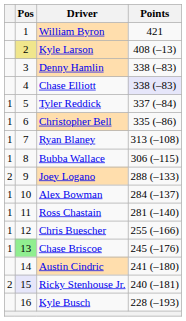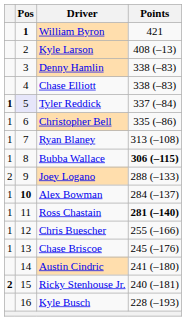 <table class="wikitable" style="font-size: 95%;">
 <tr>
 <th></th>
 <th>Pos</th>
 <th>Driver</th>
 <th>Points</th>
 </tr>
 <tr>
 <td align="left"></td>
-<td style="text-align:center;">1</td>
+<td style="text-align:center;"><strong>1</strong></td>
 <td style="background:#FFDEAD;"><a href='#'>William Byron</a></td>
 <td style="text-align:center;">421</td>
 </tr>
 <tr>
 <td align="left"></td>
-<td style="background: khaki; text-align:center;">2</td>
+<td style="text-align:center;">2</td>
 <td style="background:#FFDEAD;"><a href='#'>Kyle Larson</a></td>
 <td style="text-align:center;">408 (–13)</td>
 </tr>
 <tr>
 <td align="left"></td>
 <td style="text-align:center;">3</td>
 <td style="background:#FFDEAD;"><a href='#'>Denny Hamlin</a></td>
 <td style="text-align:center;">338 (–83)</td>
 </tr>
 <tr>
 <td align="left"></td>
 <td style="text-align:center;">4</td>
 <td><a href='#'>Chase Elliott</a></td>
-<td style="background: lavender; text-align:center;">338 (–83)</td>
+<td style="text-align:center;">338 (–83)</td>
 </tr>
 <tr>
-<td align="left"> 1</td>
-<td style="text-align:center;">5</td>
+<td align="left"><strong> 1</strong></td>
+<td style="background: lavender; text-align:center;">5</td>
 <td><a href='#'>Tyler Reddick</a></td>
 <td style="text-align:center;">337 (–84)</td>
 </tr>
 <tr>
 <td align="left"> 1</td>
 <td style="text-align:center;">6</td>
 <td style="background:#FFDEAD;"><a href='#'>Christopher Bell</a></td>
 <td style="text-align:center;">335 (–86)</td>
 </tr>
 <tr>
 <td align="left"> 1</td>
 <td style="text-align:center;">7</td>
 <td><a href='#'>Ryan Blaney</a></td>
 <td style="text-align:center;">313 (–108)</td>
 </tr>
 <tr>
 <td align="left"> 1</td>
 <td style="text-align:center;">8</td>
 <td><a href='#'>Bubba Wallace</a></td>
-<td style="text-align:center;">306 (–115)</td>
+<td style="text-align:center;"><strong>306 (–115)</strong></td>
 </tr>
 <tr>
 <td align="left"> 2</td>
 <td style="text-align:center;">9</td>
 <td style="background:#FFDEAD;"><a href='#'>Joey Logano</a></td>
 <td style="text-align:center;">288 (–133)</td>
 </tr>
 <tr>
 <td align="left"> 1</td>
-<td style="text-align:center;">10</td>
+<td style="text-align:center;"><strong>10</strong></td>
 <td><a href='#'>Alex Bowman</a></td>
 <td style="text-align:center;">284 (–137)</td>
 </tr>
 <tr>
 <td align="left"> 1</td>
 <td style="text-align:center;">11</td>
 <td><a href='#'>Ross Chastain</a></td>
-<td style="text-align:center;">281 (–140)</td>
+<td style="text-align:center;"><strong>281 (–140)</strong></td>
 </tr>
 <tr>
 <td align="left"> 1</td>
 <td style="text-align:center;">12</td>
 <td><a href='#'>Chris Buescher</a></td>
 <td style="text-align:center;">255 (–166)</td>
 </tr>
 <tr>
 <td align="left"> 1</td>
-<td style="background: lightgreen; text-align:center;">13</td>
+<td style="text-align:center;">13</td>
 <td><a href='#'>Chase Briscoe</a></td>
 <td style="text-align:center;">245 (–176)</td>
 </tr>
 <tr>
 <td align="left"></td>
 <td style="text-align:center;">14</td>
 <td style="background:#FFDEAD;"><a href='#'>Austin Cindric</a></td>
 <td style="text-align:center;">241 (–180)</td>
 </tr>
 <tr>
-<td align="left"> 2</td>
-<td style="background: lavender; text-align:center;">15</td>
+<td align="left"><strong> 2</strong></td>
+<td style="text-align:center;">15</td>
 <td><a href='#'>Ricky Stenhouse Jr.</a></td>
 <td style="text-align:center;">240 (–181)</td>
 </tr>
 <tr>
 <td align="left"></td>
 <td style="text-align:center;">16</td>
 <td><a href='#'>Kyle Busch</a></td>
 <td style="text-align:center;">228 (–193)</td>
 </tr>
 <tr class="sortbottom">
 <th colspan="9"></th>
 </tr>
 </table>
